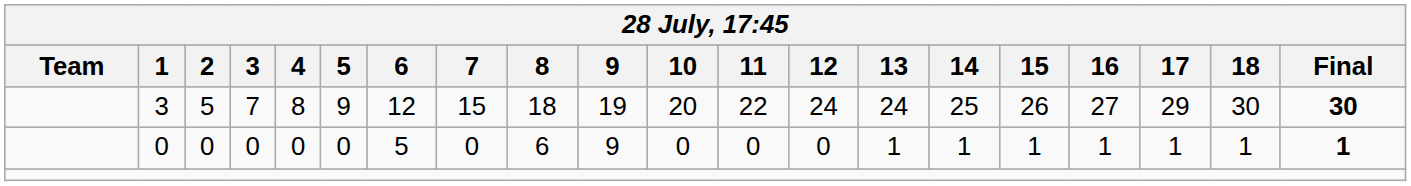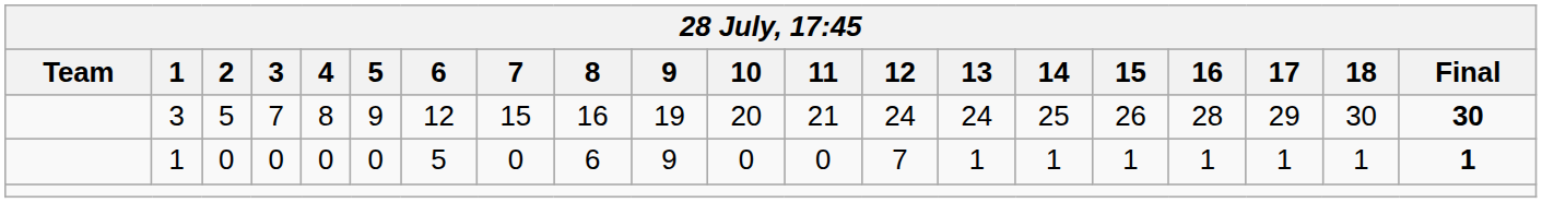 <table class=wikitable style="text-align:center; width: 55%">
 <tr>
 <th colspan=20><em>28 July, 17:45</em></th>
 </tr>
 <tr>
 <th>Team</th>
 <th>1</th>
 <th>2</th>
 <th>3</th>
 <th>4</th>
 <th>5</th>
 <th>6</th>
 <th>7</th>
 <th>8</th>
 <th>9</th>
 <th>10</th>
 <th>11</th>
 <th>12</th>
 <th>13</th>
 <th>14</th>
 <th>15</th>
 <th>16</th>
 <th>17</th>
 <th>18</th>
 <th>Final</th>
 </tr>
 <tr>
 <td align=left><strong></strong></td>
 <td>3</td>
 <td>5</td>
 <td>7</td>
 <td>8</td>
 <td>9</td>
 <td>12</td>
 <td>15</td>
-<td>18</td>
+<td>16</td>
 <td>19</td>
 <td>20</td>
-<td>22</td>
+<td>21</td>
 <td>24</td>
 <td>24</td>
 <td>25</td>
 <td>26</td>
-<td>27</td>
+<td>28</td>
 <td>29</td>
 <td>30</td>
 <td><strong>30</strong></td>
 </tr>
 <tr>
 <td align=left></td>
-<td>0</td>
+<td>1</td>
 <td>0</td>
 <td>0</td>
 <td>0</td>
 <td>0</td>
 <td>5</td>
 <td>0</td>
 <td>6</td>
 <td>9</td>
 <td>0</td>
 <td>0</td>
-<td>0</td>
+<td>7</td>
 <td>1</td>
 <td>1</td>
 <td>1</td>
 <td>1</td>
 <td>1</td>
 <td>1</td>
 <td><strong>1</strong></td>
 </tr>
 <tr>
 <td colspan=20></td>
 </tr>
 </table>
